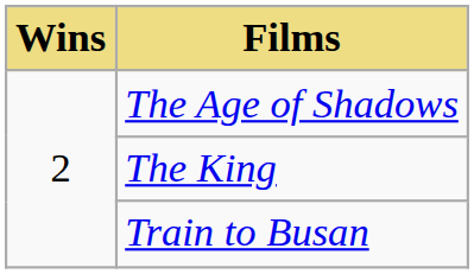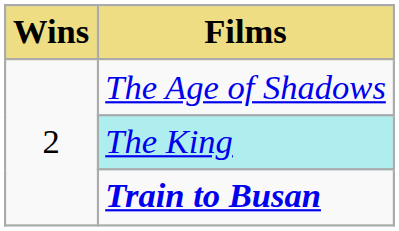 <table class="wikitable" align="center">
 <tr>
 <th style="background:#EEDD82; text-align:center">Wins</th>
 <th style="background:#EEDD82; text-align:center">Films</th>
 </tr>
 <tr>
 <td rowspan="3" style="text-align:center">2</td>
 <td><em><a href='#'>The Age of Shadows</a></em></td>
 </tr>
 <tr>
-<td><em><a href='#'>The King</a></em></td>
+<td style="background: paleturquoise;"><em><a href='#'>The King</a></em></td>
 </tr>
 <tr>
-<td><em><a href='#'>Train to Busan</a></em></td>
+<td><strong><em><a href='#'>Train to Busan</a></em></strong></td>
 </tr>
 </table>
